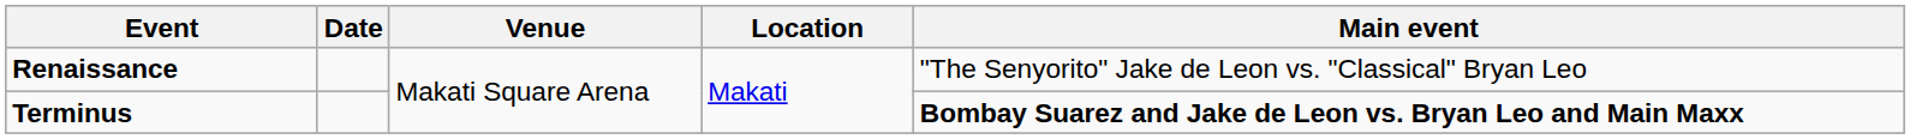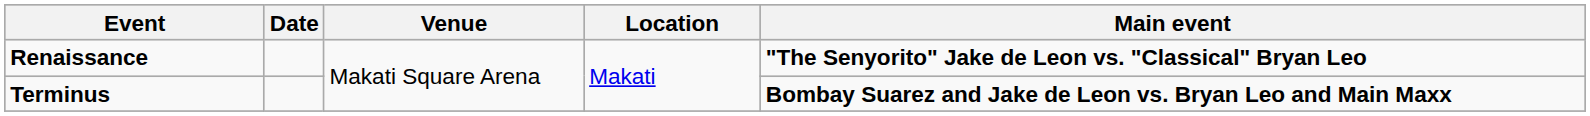 <table class="sortable wikitable succession-box" style="font-size:85%;">
 <tr>
 <th scope="col" style="width:150px;">Event</th>
 <th scope="col" style="width:10px;">Date</th>
 <th scope="col" style="width:150px;">Venue</th>
 <th scope="col" style="width:100px;">Location</th>
 <th scope="col" style="width:490px;">Main event</th>
 </tr>
 <tr>
 <td><strong>Renaissance</strong></td>
 <td></td>
 <td rowspan=2>Makati Square Arena</td>
 <td rowspan=2><a href='#'>Makati</a></td>
-<td>"The Senyorito" Jake de Leon vs. "Classical" Bryan Leo</td>
+<td><strong>"The Senyorito" Jake de Leon vs. "Classical" Bryan Leo</strong></td>
 </tr>
 <tr>
 <td><strong>Terminus</strong></td>
 <td></td>
 <td><strong>Bombay Suarez and Jake de Leon vs. Bryan Leo and Main Maxx</strong></td>
 </tr>
 </table>
